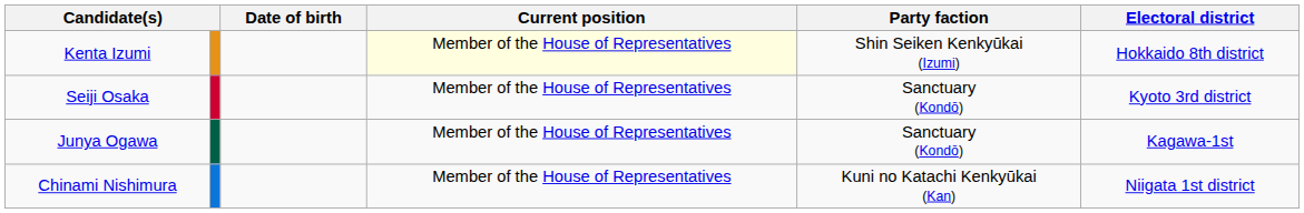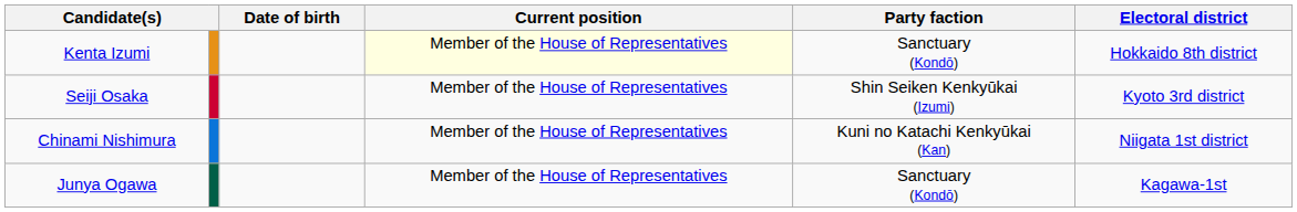 <table class="wikitable sortable" style="text-align:center;width:100%">
 <tr>
 <th colspan="2" style="width:110px;">Candidate(s)</th>
 <th>Date of birth</th>
 <th class="unsortable">Current position</th>
 <th>Party faction</th>
 <th><a href='#'>Electoral district</a></th>
 </tr>
 <tr>
 <td> <a href='#'>Kenta Izumi</a></td>
 <td style="background:#E69117"></td>
 <td><br></td>
 <td style="background: lightyellow;">Member of the <a href='#'>House of Representatives</a><br><br></td>
-<td>Shin Seiken Kenkyūkai<br><small>(<a href='#'>Izumi</a>)</small></td>
+<td>Sanctuary<br><small>(<a href='#'>Kondō</a>)</small></td>
 <td> <a href='#'>Hokkaido 8th district</a></td>
 </tr>
 <tr>
 <td> <a href='#'>Seiji Osaka</a></td>
 <td style="background:#CC0033"></td>
 <td><br></td>
 <td>Member of the <a href='#'>House of Representatives</a><br><br></td>
-<td>Sanctuary<br><small>(<a href='#'>Kondō</a>)</small></td>
+<td>Shin Seiken Kenkyūkai<br><small>(<a href='#'>Izumi</a>)</small></td>
 <td> <a href='#'>Kyoto 3rd district</a></td>
+</tr>
+<tr>
+<td> <a href='#'>Chinami Nishimura</a></td>
+<td style="background:#0B75D9"></td>
+<td><br></td>
+<td>Member of the <a href='#'>House of Representatives</a><br><br></td>
+<td>Kuni no Katachi Kenkyūkai<br><small>(<a href='#'>Kan</a>)</small></td>
+<td> <a href='#'>Niigata 1st district</a></td>
 </tr>
 <tr>
 <td> <a href='#'>Junya Ogawa</a></td>
 <td style="background:#005F47"></td>
 <td><br></td>
 <td>Member of the <a href='#'>House of Representatives</a><br> <br></td>
 <td>Sanctuary<br><small>(<a href='#'>Kondō</a>)</small></td>
 <td> <a href='#'>Kagawa-1st</a></td>
 </tr>
-<tr>
-<td> <a href='#'>Chinami Nishimura</a></td>
-<td style="background:#0B75D9"></td>
-<td><br></td>
-<td>Member of the <a href='#'>House of Representatives</a><br><br></td>
-<td>Kuni no Katachi Kenkyūkai<br><small>(<a href='#'>Kan</a>)</small></td>
-<td> <a href='#'>Niigata 1st district</a></td>
-</tr>
 </table>
